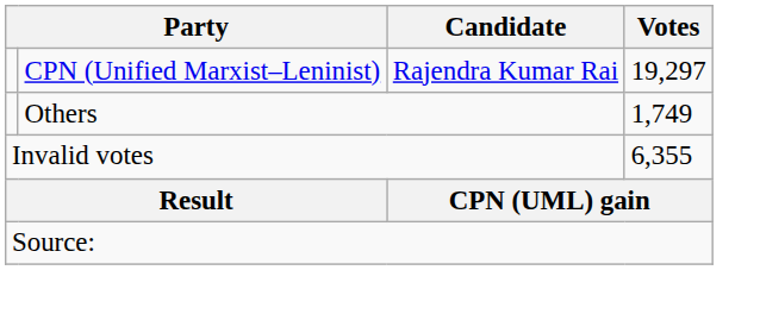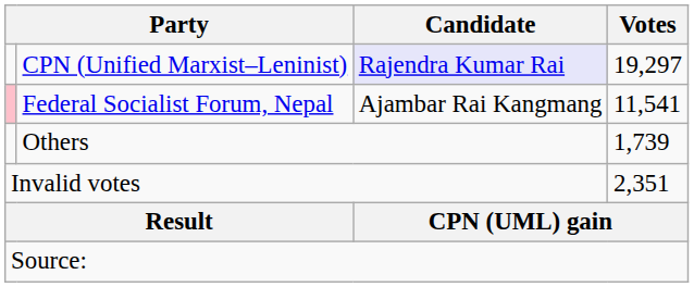 <table class="wikitable">
 <tr>
 <th colspan="2">Party</th>
 <th>Candidate</th>
 <th>Votes</th>
 </tr>
 <tr>
 <td style="background-color:"></td>
 <td><a href='#'>CPN (Unified Marxist–Leninist)</a></td>
-<td><a href='#'>Rajendra Kumar Rai</a></td>
+<td style="background: lavender;"><a href='#'>Rajendra Kumar Rai</a></td>
 <td>19,297</td>
+</tr>
+<tr>
+<td style="background-color:#ffc0cb"></td>
+<td><a href='#'>Federal Socialist Forum, Nepal</a></td>
+<td>Ajambar Rai Kangmang</td>
+<td>11,541</td>
 </tr>
 <tr>
 <td></td>
 <td colspan="2">Others</td>
-<td>1,749</td>
+<td>1,739</td>
 </tr>
 <tr>
 <td colspan="3">Invalid votes</td>
-<td>6,355</td>
+<td>2,351</td>
 </tr>
 <tr>
 <th colspan="2">Result</th>
 <th colspan="2">CPN (UML) gain</th>
 </tr>
 <tr>
 <td colspan="4">Source: </td>
 </tr>
 </table>
